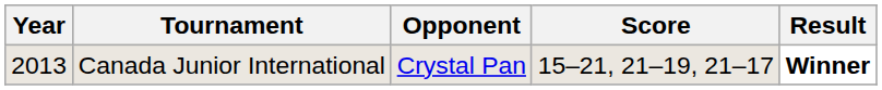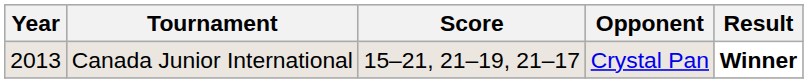 <table class="sortable wikitable" style="font-size:90%">
 <tr>
 <th>Year</th>
 <th>Tournament</th>
+<th>Score</th>
 <th>Opponent</th>
-<th>Score</th>
 <th>Result</th>
 </tr>
 <tr style="background:#EBE7E0">
 <td align="center">2013</td>
 <td align="left">Canada Junior International</td>
+<td align="left">15–21, 21–19, 21–17</td>
 <td align="left"> <a href='#'>Crystal Pan</a></td>
-<td align="left">15–21, 21–19, 21–17</td>
 <td style="text-align:left; background:white"> <strong>Winner</strong></td>
 </tr>
 </table>
